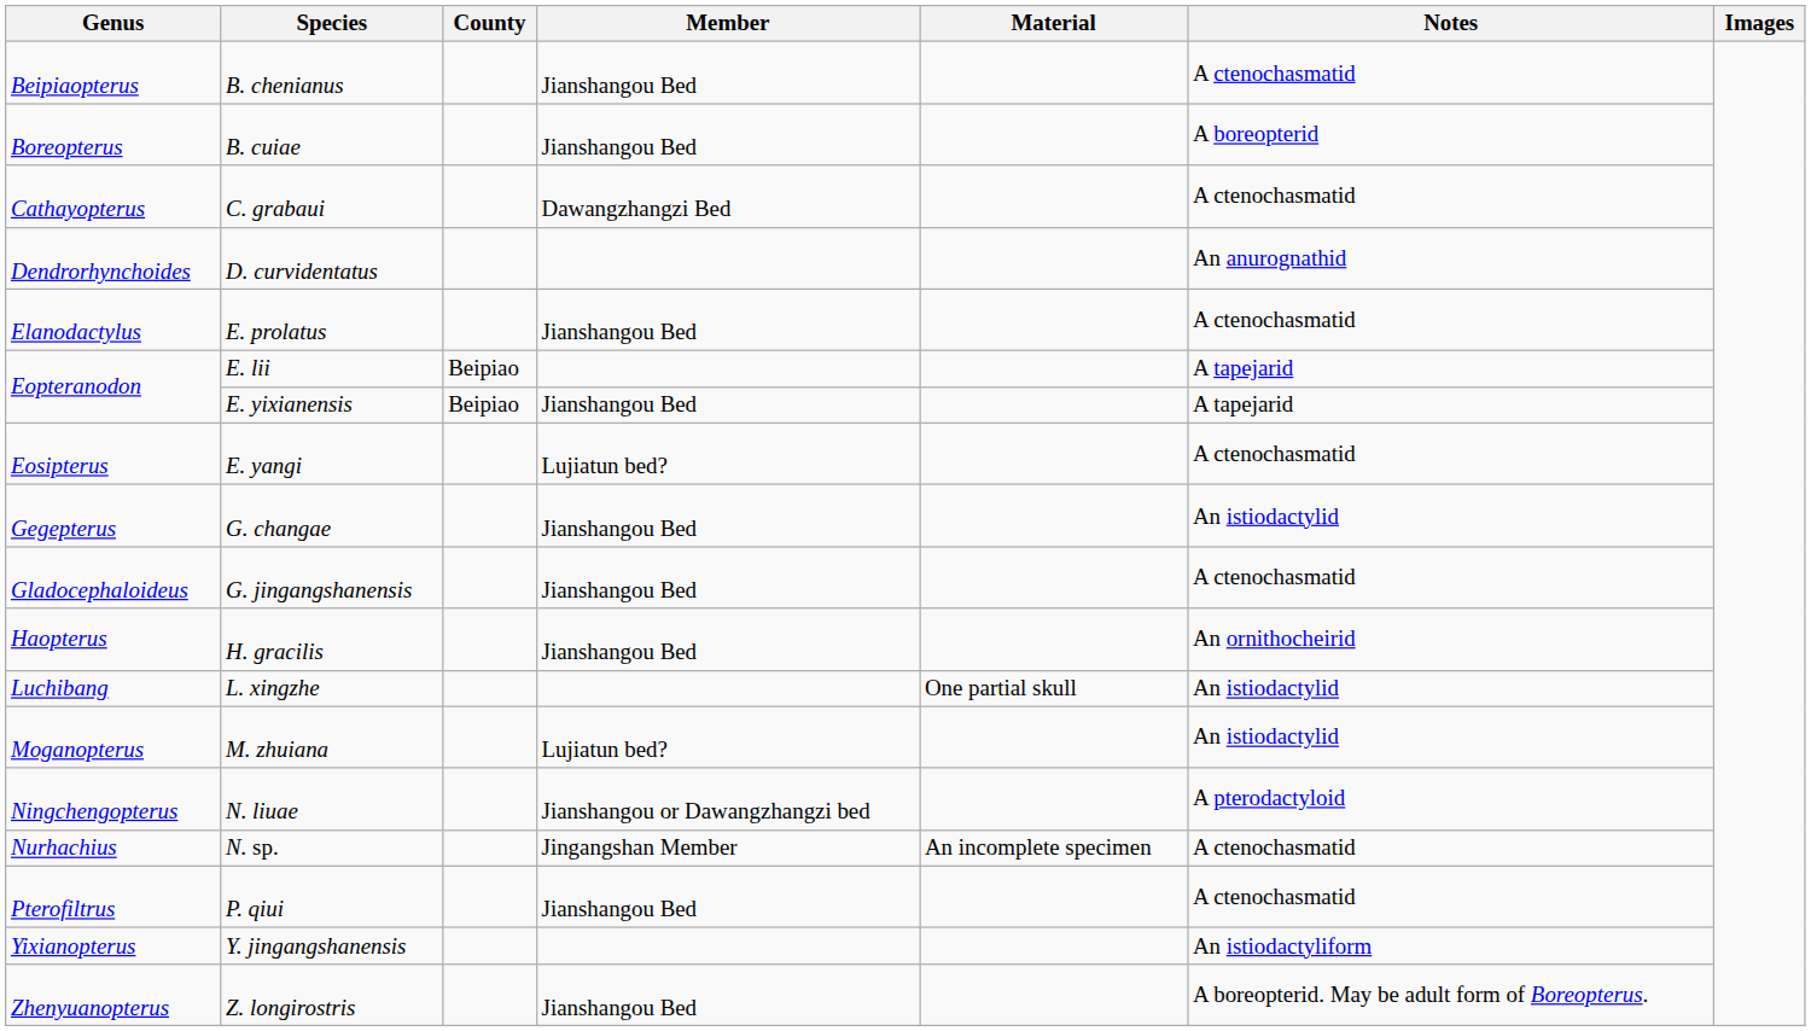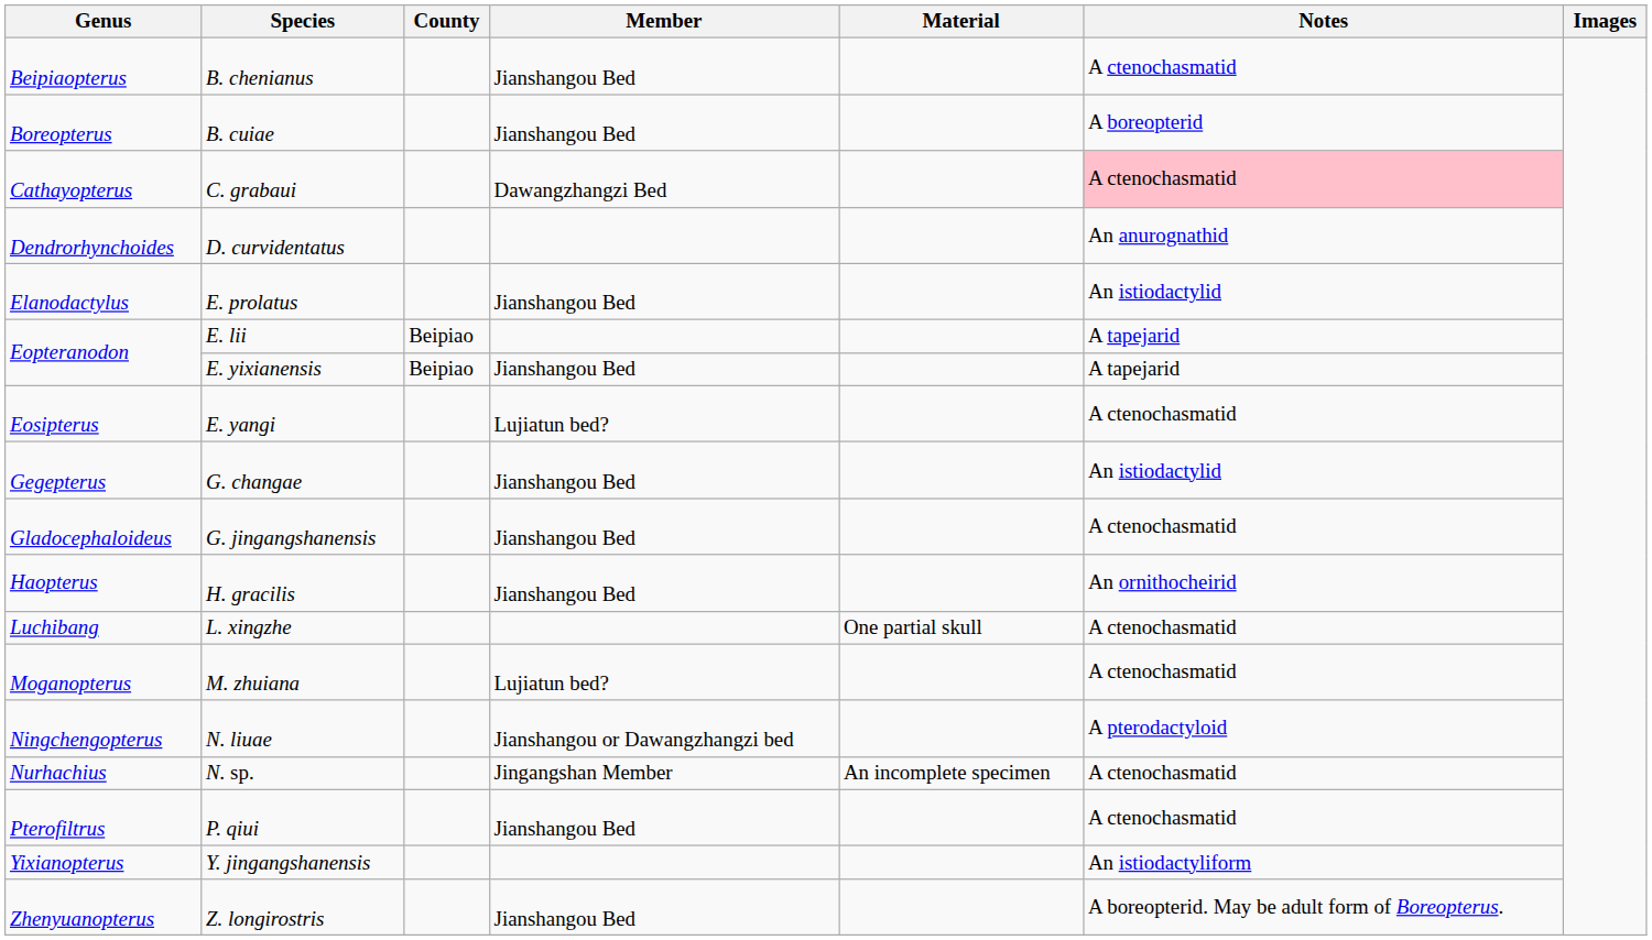 <table class="wikitable" align="center" width="100%">
 <tr>
 <th>Genus</th>
 <th>Species</th>
 <th>County</th>
 <th>Member</th>
 <th>Material</th>
 <th>Notes</th>
 <th>Images</th>
 </tr>
 <tr>
 <td><br><em><a href='#'>Beipiaopterus</a></em></td>
 <td><br><em>B. chenianus</em></td>
 <td></td>
 <td><br>Jianshangou Bed</td>
 <td></td>
 <td>A <a href='#'>ctenochasmatid</a></td>
 <td rowspan="104"><br>    </td>
 </tr>
 <tr>
 <td><br><em><a href='#'>Boreopterus</a></em></td>
 <td><br><em>B. cuiae</em></td>
 <td></td>
 <td><br>Jianshangou Bed</td>
 <td></td>
 <td>A <a href='#'>boreopterid</a></td>
 </tr>
 <tr>
 <td><br><em><a href='#'>Cathayopterus</a></em></td>
 <td><br><em>C. grabaui</em></td>
 <td></td>
 <td><br>Dawangzhangzi Bed</td>
 <td></td>
-<td>A ctenochasmatid</td>
+<td style="background: pink;">A ctenochasmatid</td>
 </tr>
 <tr>
 <td><br><em><a href='#'>Dendrorhynchoides</a></em></td>
 <td><br><em>D. curvidentatus</em></td>
 <td></td>
 <td></td>
 <td></td>
 <td>An <a href='#'>anurognathid</a></td>
 </tr>
 <tr>
 <td><br><em><a href='#'>Elanodactylus</a></em></td>
 <td><br><em>E. prolatus</em></td>
 <td></td>
 <td><br>Jianshangou Bed</td>
 <td></td>
-<td>A ctenochasmatid</td>
+<td>An <a href='#'>istiodactylid</a></td>
 </tr>
 <tr>
 <td rowspan="2"><em><a href='#'>Eopteranodon</a></em></td>
 <td><em>E. lii</em></td>
 <td>Beipiao</td>
 <td></td>
 <td></td>
 <td>A <a href='#'>tapejarid</a></td>
 </tr>
 <tr>
 <td><em>E. yixianensis</em></td>
 <td>Beipiao</td>
 <td>Jianshangou Bed</td>
 <td></td>
 <td>A tapejarid</td>
 </tr>
 <tr>
 <td><br><em><a href='#'>Eosipterus</a></em></td>
 <td><br><em>E. yangi</em></td>
 <td></td>
 <td><br>Lujiatun bed?</td>
 <td></td>
 <td>A ctenochasmatid</td>
 </tr>
 <tr>
 <td><br><em><a href='#'>Gegepterus</a></em></td>
 <td><br><em>G. changae</em></td>
 <td></td>
 <td><br>Jianshangou Bed</td>
 <td></td>
 <td>An <a href='#'>istiodactylid</a></td>
 </tr>
 <tr>
 <td><br><em><a href='#'>Gladocephaloideus</a></em></td>
 <td><br><em>G. jingangshanensis</em></td>
 <td></td>
 <td><br>Jianshangou Bed</td>
 <td></td>
 <td>A ctenochasmatid</td>
 </tr>
 <tr>
 <td><em><a href='#'>Haopterus</a></em></td>
 <td><br><em>H. gracilis</em></td>
 <td></td>
 <td><br>Jianshangou Bed</td>
 <td></td>
 <td>An <a href='#'>ornithocheirid</a></td>
 </tr>
 <tr>
 <td><em><a href='#'>Luchibang</a></em></td>
 <td><em>L. xingzhe</em></td>
 <td></td>
 <td></td>
 <td>One partial skull</td>
-<td>An <a href='#'>istiodactylid</a></td>
+<td>A ctenochasmatid</td>
 </tr>
 <tr>
 <td><br><em><a href='#'>Moganopterus</a></em></td>
 <td><br><em>M. zhuiana</em></td>
 <td></td>
 <td><br>Lujiatun bed?</td>
 <td></td>
-<td>An <a href='#'>istiodactylid</a></td>
+<td>A ctenochasmatid</td>
 </tr>
 <tr>
 <td><br><em><a href='#'>Ningchengopterus</a></em></td>
 <td><br><em>N. liuae</em></td>
 <td></td>
 <td><br>Jianshangou or Dawangzhangzi bed</td>
 <td></td>
 <td>A <a href='#'>pterodactyloid</a></td>
 </tr>
 <tr>
 <td><em><a href='#'>Nurhachius</a></em></td>
 <td><em>N.</em> sp.</td>
 <td></td>
 <td>Jingangshan Member</td>
 <td>An incomplete specimen</td>
 <td>A ctenochasmatid</td>
 </tr>
 <tr>
 <td><br><em><a href='#'>Pterofiltrus</a></em></td>
 <td><br><em>P. qiui</em></td>
 <td></td>
 <td><br>Jianshangou Bed</td>
 <td></td>
 <td>A ctenochasmatid</td>
 </tr>
 <tr>
 <td><em><a href='#'>Yixianopterus</a></em></td>
 <td><em>Y. jingangshanensis</em></td>
 <td></td>
 <td></td>
 <td></td>
 <td>An <a href='#'>istiodactyliform</a></td>
 </tr>
 <tr>
 <td><br><em><a href='#'>Zhenyuanopterus</a></em></td>
 <td><br><em>Z. longirostris</em></td>
 <td></td>
 <td><br>Jianshangou Bed</td>
 <td></td>
 <td>A boreopterid. May be adult form of <em><a href='#'>Boreopterus</a></em>.</td>
 </tr>
 <tr>
 </tr>
 </table>
